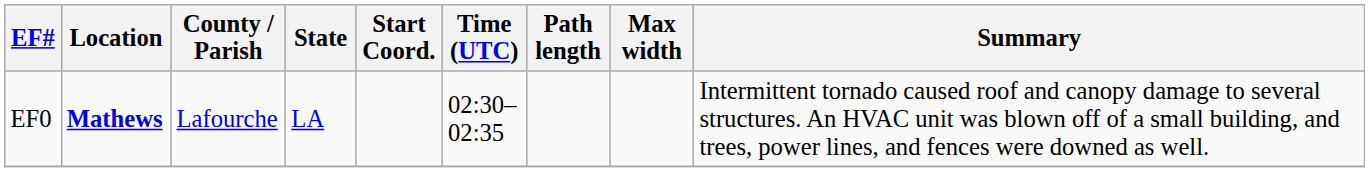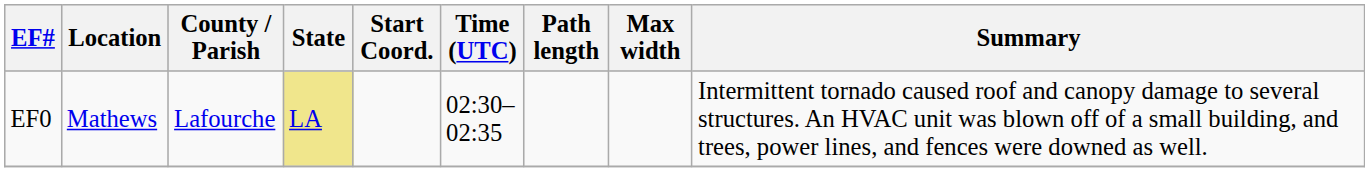 <table class="wikitable sortable" style="width:100%;">
 <tr>
 <th scope="col"  style="width:3%; text-align:center;"><a href='#'>EF#</a></th>
 <th scope="col"  style="width:7%; text-align:center;" class="unsortable">Location</th>
 <th scope="col"  style="width:6%; text-align:center;" class="unsortable">County / Parish</th>
 <th scope="col"  style="width:5%; text-align:center;">State</th>
 <th scope="col"  style="width:6%; text-align:center;">Start Coord.</th>
 <th scope="col"  style="width:6%; text-align:center;">Time (<a href='#'>UTC</a>)</th>
 <th scope="col"  style="width:6%; text-align:center;">Path length</th>
 <th scope="col"  style="width:6%; text-align:center;">Max width</th>
 <th scope="col" class="unsortable" style="width:48%; text-align:center;">Summary</th>
 </tr>
 <tr>
 <td>EF0</td>
-<td><strong><a href='#'>Mathews</a></strong></td>
+<td><a href='#'>Mathews</a></td>
 <td><a href='#'>Lafourche</a></td>
-<td><a href='#'>LA</a></td>
+<td style="background: khaki;"><a href='#'>LA</a></td>
 <td></td>
 <td>02:30–02:35</td>
 <td></td>
 <td></td>
 <td>Intermittent tornado caused roof and canopy damage to several structures. An HVAC unit was blown off of a small building, and trees, power lines, and fences were downed as well.</td>
 </tr>
 <tr>
 </tr>
 </table>
